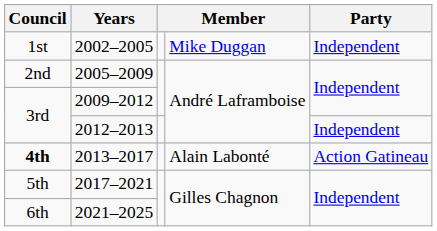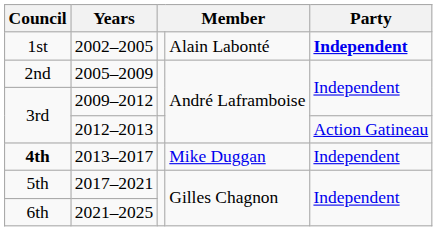 <table class="wikitable">
 <tr>
 <th>Council</th>
 <th>Years</th>
 <th colspan="2">Member</th>
 <th>Party</th>
 </tr>
 <tr>
 <td align="center">1st</td>
 <td align="center">2002–2005</td>
 <td style="color:inherit;background-color:"></td>
-<td><a href='#'>Mike Duggan</a></td>
-<td><a href='#'>Independent</a></td>
+<td>Alain Labonté</td>
+<td><strong><a href='#'>Independent</a></strong></td>
 </tr>
 <tr>
 <td align="center">2nd</td>
 <td align="center">2005–2009</td>
 <td rowspan="2" style="color:inherit;background-color:"></td>
 <td rowspan="3">André Laframboise</td>
 <td rowspan="2"><a href='#'>Independent</a></td>
 </tr>
 <tr>
 <td rowspan="2" align="center">3rd</td>
 <td align="center">2009–2012</td>
 </tr>
 <tr>
 <td align="center">2012–2013</td>
 <td style="color:inherit;background-color:"></td>
-<td><a href='#'>Independent</a></td>
+<td><a href='#'>Action Gatineau</a></td>
 </tr>
 <tr>
 <td align="center"><strong>4th</strong></td>
 <td align="center">2013–2017</td>
 <td style="color:inherit;background-color:"></td>
-<td>Alain Labonté</td>
-<td><a href='#'>Action Gatineau</a></td>
+<td><a href='#'>Mike Duggan</a></td>
+<td><a href='#'>Independent</a></td>
 </tr>
 <tr>
 <td align="center">5th</td>
 <td align="center">2017–2021</td>
 <td rowspan="2" style="color:inherit;background-color:"></td>
 <td rowspan="2">Gilles Chagnon</td>
 <td rowspan="2"><a href='#'>Independent</a></td>
 </tr>
 <tr>
 <td align="center">6th</td>
 <td align="center">2021–2025</td>
 </tr>
 </table>
